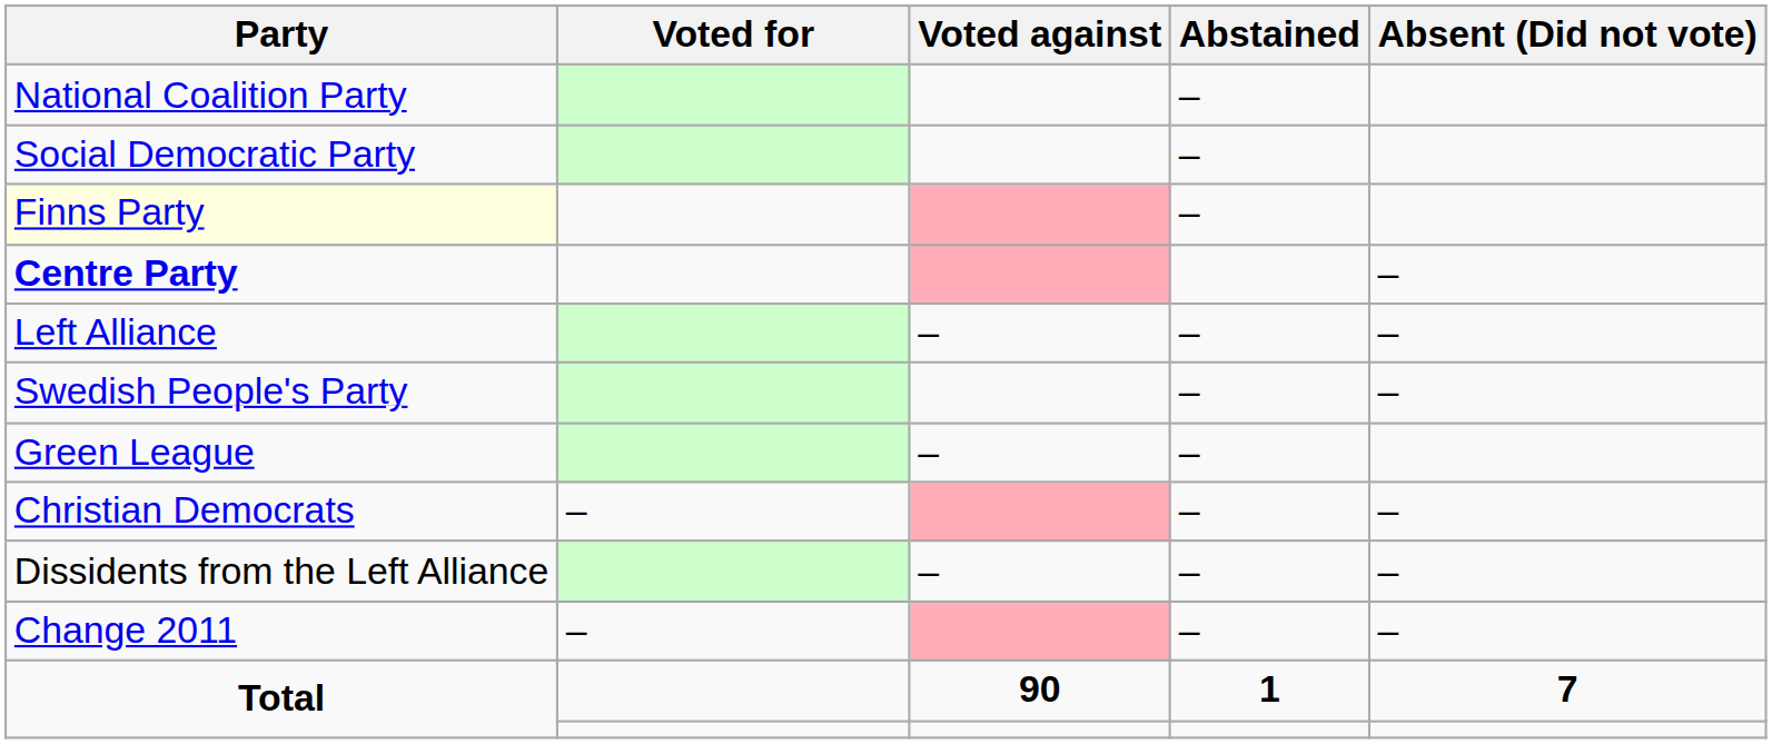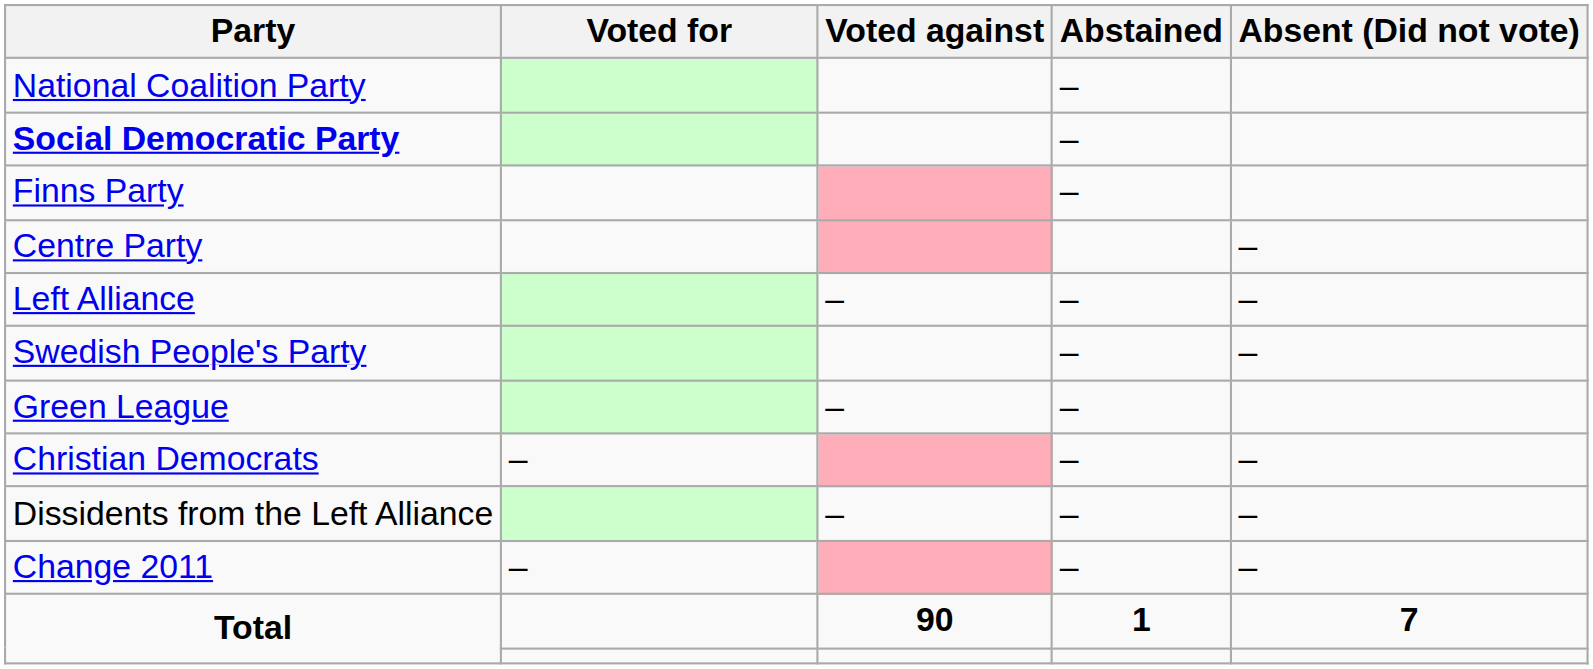 <table class="wikitable">
 <tr>
 <th>Party</th>
 <th style="width:20%;">Voted for</th>
 <th>Voted against</th>
 <th>Abstained</th>
 <th>Absent (Did not vote)</th>
 </tr>
 <tr>
 <td> <a href='#'>National Coalition Party</a></td>
 <td style="background-color:#CCFFCC;"></td>
 <td></td>
 <td>–</td>
 <td></td>
 </tr>
 <tr>
-<td> <a href='#'>Social Democratic Party</a></td>
+<td><strong> <a href='#'>Social Democratic Party</a></strong></td>
 <td style="background-color:#CCFFCC;"></td>
 <td></td>
 <td>–</td>
 <td></td>
 </tr>
 <tr>
-<td style="background: lightyellow;"> <a href='#'>Finns Party</a></td>
+<td> <a href='#'>Finns Party</a></td>
 <td></td>
 <td style="background-color:#FFAEB9;"></td>
 <td>–</td>
 <td></td>
 </tr>
 <tr>
-<td><strong> <a href='#'>Centre Party</a></strong></td>
+<td> <a href='#'>Centre Party</a></td>
 <td></td>
 <td style="background-color:#FFAEB9;"></td>
 <td></td>
 <td>–</td>
 </tr>
 <tr>
 <td> <a href='#'>Left Alliance</a></td>
 <td style="background-color:#CCFFCC;"></td>
 <td>–</td>
 <td>–</td>
 <td>–</td>
 </tr>
 <tr>
 <td> <a href='#'>Swedish People's Party</a></td>
 <td style="background-color:#CCFFCC;"></td>
 <td></td>
 <td>–</td>
 <td>–</td>
 </tr>
 <tr>
 <td> <a href='#'>Green League</a></td>
 <td style="background-color:#CCFFCC;"></td>
 <td>–</td>
 <td>–</td>
 <td></td>
 </tr>
 <tr>
 <td> <a href='#'>Christian Democrats</a></td>
 <td>–</td>
 <td style="background-color:#FFAEB9;"></td>
 <td>–</td>
 <td>–</td>
 </tr>
 <tr>
 <td> Dissidents from the Left Alliance</td>
 <td style="background-color:#CCFFCC;"></td>
 <td>–</td>
 <td>–</td>
 <td>–</td>
 </tr>
 <tr>
 <td> <a href='#'>Change 2011</a></td>
 <td>–</td>
 <td style="background-color:#FFAEB9;"></td>
 <td>–</td>
 <td>–</td>
 </tr>
 <tr>
 <td style="text-align:center;" rowspan="2"><strong>Total</strong></td>
 <td></td>
 <td style="text-align:center;"><strong>90</strong></td>
 <td style="text-align:center;"><strong>1</strong></td>
 <td style="text-align:center;"><strong>7</strong></td>
 </tr>
 <tr>
 <td style="text-align:center;"></td>
 <td style="text-align:center;"></td>
 <td style="text-align:center;"></td>
 <td style="text-align:center;"></td>
 </tr>
 </table>
